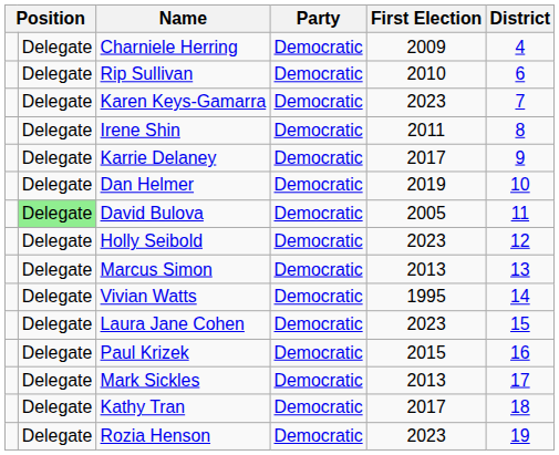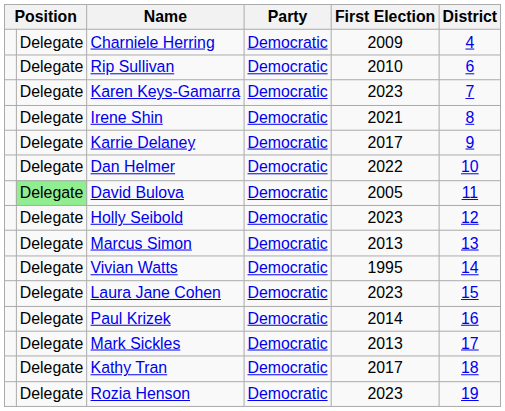 <table class=wikitable>
 <tr>
 <th colspan="2" style="text-align:center; vertical-align:bottom;">Position</th>
 <th style="text-align:center;">Name</th>
 <th valign=bottom>Party</th>
 <th style="vertical-align:bottom; text-align:center;">First Election</th>
 <th style="vertical-align:bottom; text-align:center;">District</th>
 </tr>
 <tr>
 <td style="background-color:"></td>
 <td>Delegate</td>
 <td><a href='#'>Charniele Herring</a></td>
 <td style="text-align:center;"><a href='#'>Democratic</a></td>
 <td style="text-align:center;">2009</td>
 <td style="text-align:center;"><a href='#'>4</a></td>
 </tr>
 <tr>
 <td style="background-color:"> </td>
 <td>Delegate</td>
 <td><a href='#'>Rip Sullivan</a></td>
 <td style="text-align:center;"><a href='#'>Democratic</a></td>
 <td style="text-align:center;">2010</td>
 <td style="text-align:center;"><a href='#'>6</a></td>
 </tr>
 <tr>
 <td style="background-color:"> </td>
 <td>Delegate</td>
 <td><a href='#'>Karen Keys-Gamarra</a></td>
 <td style="text-align:center;"><a href='#'>Democratic</a></td>
 <td style="text-align:center;">2023</td>
 <td style="text-align:center;"><a href='#'>7</a></td>
 </tr>
 <tr>
 <td style="background-color:"> </td>
 <td>Delegate</td>
 <td><a href='#'>Irene Shin</a></td>
 <td style="text-align:center;"><a href='#'>Democratic</a></td>
-<td style="text-align:center;">2011</td>
+<td style="text-align:center;">2021</td>
 <td style="text-align:center;"><a href='#'>8</a></td>
 </tr>
 <tr>
 <td style="background-color:"> </td>
 <td>Delegate</td>
 <td><a href='#'>Karrie Delaney</a></td>
 <td style="text-align:center;"><a href='#'>Democratic</a></td>
 <td style="text-align:center;">2017</td>
 <td style="text-align:center;"><a href='#'>9</a></td>
 </tr>
 <tr>
 <td style="background-color:"> </td>
 <td>Delegate</td>
 <td><a href='#'>Dan Helmer</a></td>
 <td style="text-align:center;"><a href='#'>Democratic</a></td>
-<td style="text-align:center;">2019</td>
+<td style="text-align:center;">2022</td>
 <td style="text-align:center;"><a href='#'>10</a></td>
 </tr>
 <tr>
 <td style="background-color:"> </td>
 <td style="background: lightgreen;">Delegate</td>
 <td><a href='#'>David Bulova</a></td>
 <td style="text-align:center;"><a href='#'>Democratic</a></td>
 <td style="text-align:center;">2005</td>
 <td style="text-align:center;"><a href='#'>11</a></td>
 </tr>
 <tr>
 <td style="background-color:"> </td>
 <td>Delegate</td>
 <td><a href='#'>Holly Seibold</a></td>
 <td style="text-align:center;"><a href='#'>Democratic</a></td>
 <td style="text-align:center;">2023</td>
 <td style="text-align:center;"><a href='#'>12</a></td>
 </tr>
 <tr>
 <td style="background-color:"> </td>
 <td>Delegate</td>
 <td><a href='#'>Marcus Simon</a></td>
 <td style="text-align:center;"><a href='#'>Democratic</a></td>
 <td style="text-align:center;">2013</td>
 <td style="text-align:center;"><a href='#'>13</a></td>
 </tr>
 <tr>
 <td style="background-color:"> </td>
 <td>Delegate</td>
 <td><a href='#'>Vivian Watts</a></td>
 <td style="text-align:center;"><a href='#'>Democratic</a></td>
 <td style="text-align:center;">1995</td>
 <td style="text-align:center;"><a href='#'>14</a></td>
 </tr>
 <tr>
 <td style="background-color:"> </td>
 <td>Delegate</td>
 <td><a href='#'>Laura Jane Cohen</a></td>
 <td style="text-align:center;"><a href='#'>Democratic</a></td>
 <td style="text-align:center;">2023</td>
 <td style="text-align:center;"><a href='#'>15</a></td>
 </tr>
 <tr>
 <td style="background-color:"> </td>
 <td>Delegate</td>
 <td><a href='#'>Paul Krizek</a></td>
 <td style="text-align:center;"><a href='#'>Democratic</a></td>
-<td style="text-align:center;">2015</td>
+<td style="text-align:center;">2014</td>
 <td style="text-align:center;"><a href='#'>16</a></td>
 </tr>
 <tr>
 <td style="background-color:"> </td>
 <td>Delegate</td>
 <td><a href='#'>Mark Sickles</a></td>
 <td style="text-align:center;"><a href='#'>Democratic</a></td>
 <td style="text-align:center;">2013</td>
 <td style="text-align:center;"><a href='#'>17</a></td>
 </tr>
 <tr>
 <td style="background-color:"> </td>
 <td>Delegate</td>
 <td><a href='#'>Kathy Tran</a></td>
 <td style="text-align:center;"><a href='#'>Democratic</a></td>
 <td style="text-align:center;">2017</td>
 <td style="text-align:center;"><a href='#'>18</a></td>
 </tr>
 <tr>
 <td style="background-color:"> </td>
 <td>Delegate</td>
 <td><a href='#'>Rozia Henson</a></td>
 <td style="text-align:center;"><a href='#'>Democratic</a></td>
 <td style="text-align:center;">2023</td>
 <td style="text-align:center;"><a href='#'>19</a></td>
 </tr>
 </table>
